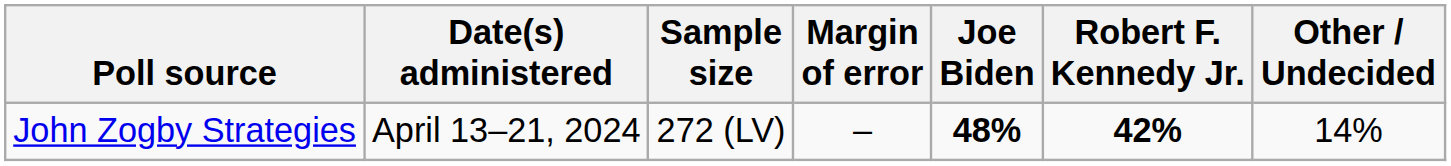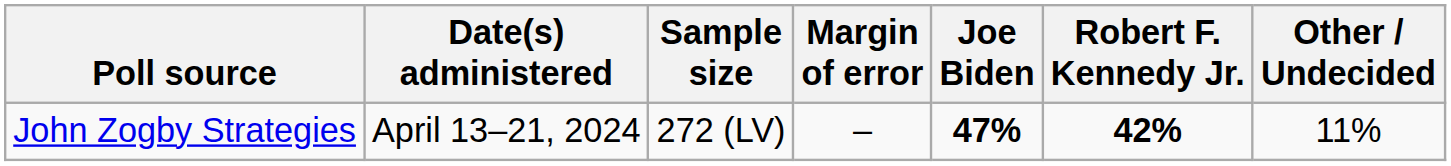 <table class="wikitable sortable mw-datatable" style="font-size:90%;text-align:center;line-height:17px">
 <tr valign=bottom>
 <th>Poll source</th>
 <th>Date(s)<br>administered</th>
 <th>Sample<br>size</th>
 <th>Margin<br>of error</th>
 <th class="unsortable">Joe<br>Biden<br></th>
 <th class="unsortable">Robert F.<br>Kennedy Jr.<br></th>
 <th class="unsortable">Other /<br>Undecided</th>
 </tr>
 <tr>
 <td style="text-align:left;"><a href='#'>John Zogby Strategies</a></td>
 <td data-sort-value="2024-05-01">April 13–21, 2024</td>
 <td>272 (LV)</td>
 <td>–</td>
-<td style="color:black;background-color:"><strong>48%</strong></td>
+<td style="color:black;background-color:"><strong>47%</strong></td>
 <td><strong>42%</strong></td>
-<td>14%</td>
+<td>11%</td>
 </tr>
 </table>
